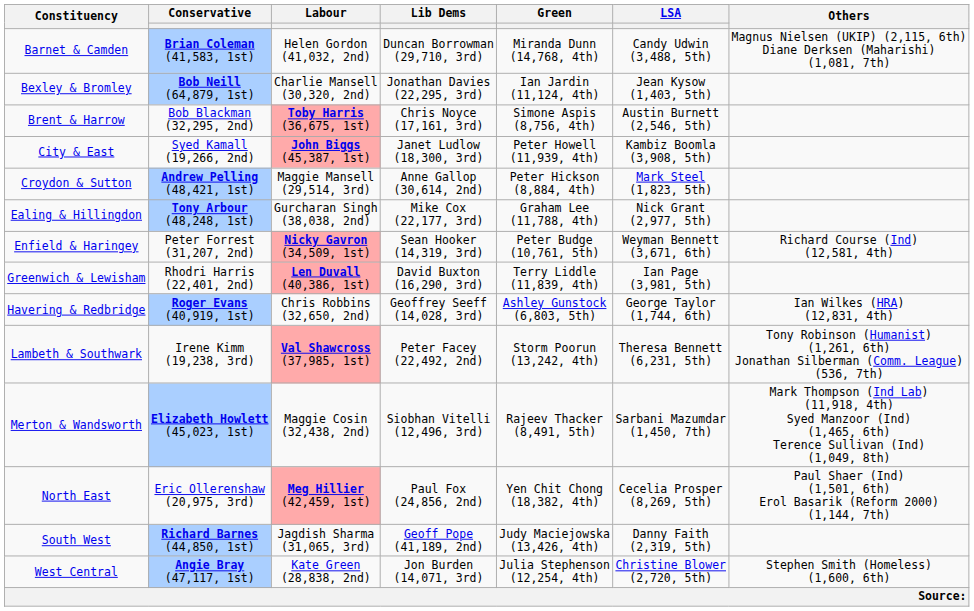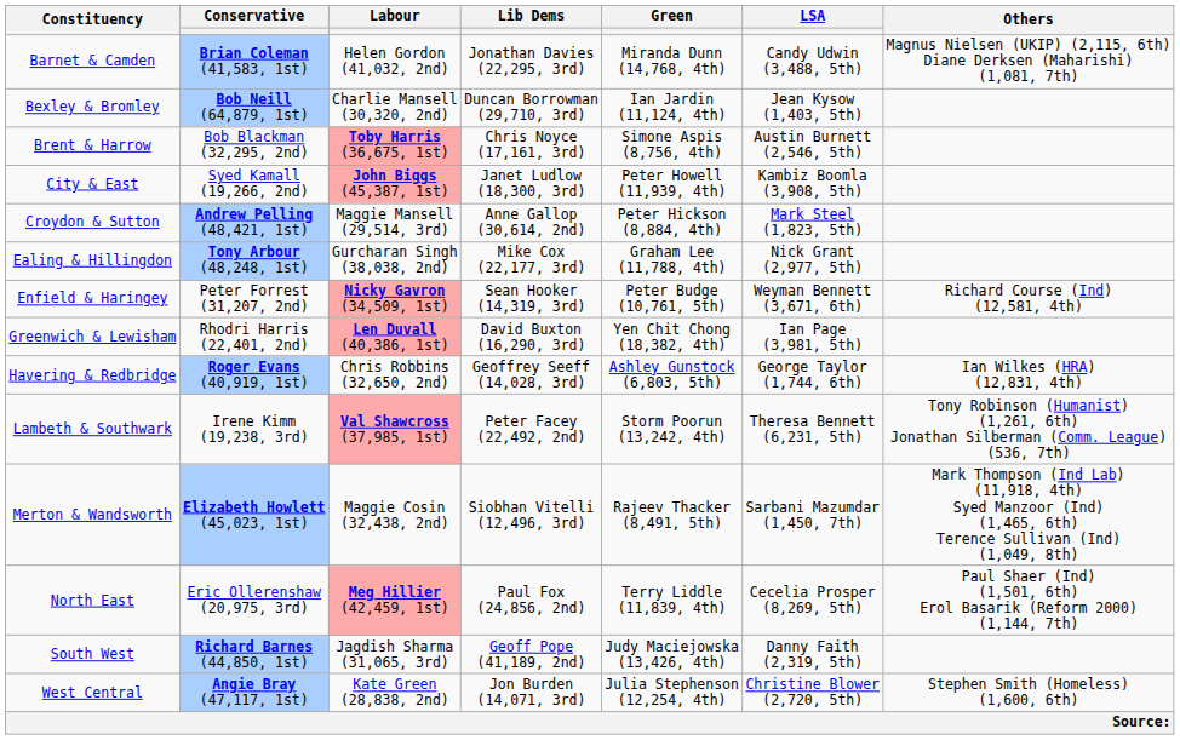 <table class="wikitable" style="text-align: center; line-height: 14px; font-size: 95%;">
 <tr>
 <th rowspan="2">Constituency</th>
 <th>Conservative</th>
 <th>Labour</th>
 <th>Lib Dems</th>
 <th>Green</th>
 <th><a href='#'>LSA</a></th>
 <th rowspan="2">Others</th>
 </tr>
 <tr>
 <th style="background:"></th>
 <th style="background:"></th>
 <th style="background:"></th>
 <th style="background:"></th>
 <th style="background:"></th>
 </tr>
 <tr>
 <td><a href='#'>Barnet & Camden</a></td>
 <td style="background:#aacfff"><strong><a href='#'>Brian Coleman</a></strong> <br>(41,583, 1st)</td>
 <td>Helen Gordon <br>(41,032, 2nd)</td>
-<td>Duncan Borrowman<br>(29,710, 3rd)</td>
+<td>Jonathan Davies<br>(22,295, 3rd)</td>
 <td>Miranda Dunn<br>(14,768, 4th)</td>
 <td>Candy Udwin<br>(3,488, 5th)</td>
 <td>Magnus Nielsen (UKIP) (2,115, 6th)<br> Diane Derksen (Maharishi)<br>(1,081, 7th)</td>
 </tr>
 <tr>
 <td><a href='#'>Bexley & Bromley</a></td>
 <td style="background:#aacfff"><strong><a href='#'>Bob Neill</a></strong> <br>(64,879, 1st)</td>
 <td>Charlie Mansell<br>(30,320, 2nd)</td>
-<td>Jonathan Davies<br>(22,295, 3rd)</td>
+<td>Duncan Borrowman<br>(29,710, 3rd)</td>
 <td>Ian Jardin<br>(11,124, 4th)</td>
 <td>Jean Kysow<br>(1,403, 5th)</td>
 <td></td>
 </tr>
 <tr>
 <td><a href='#'>Brent & Harrow</a></td>
 <td><a href='#'>Bob Blackman</a><br>(32,295, 2nd)</td>
 <td style="background:#ffaaaa"><strong><a href='#'>Toby Harris</a></strong><br>(36,675, 1st)</td>
 <td>Chris Noyce<br>(17,161, 3rd)</td>
 <td>Simone Aspis<br>(8,756, 4th)</td>
 <td>Austin Burnett<br>(2,546, 5th)</td>
 <td></td>
 </tr>
 <tr>
 <td><a href='#'>City & East</a></td>
 <td><a href='#'>Syed Kamall</a><br>(19,266, 2nd)</td>
 <td style="background:#ffaaaa"><strong><a href='#'>John Biggs</a></strong><br>(45,387, 1st)</td>
 <td>Janet Ludlow<br>(18,300, 3rd)</td>
 <td>Peter Howell<br>(11,939, 4th)</td>
 <td>Kambiz Boomla<br>(3,908, 5th)</td>
 <td></td>
 </tr>
 <tr>
 <td><a href='#'>Croydon & Sutton</a></td>
 <td style="background:#aacfff"><strong><a href='#'>Andrew Pelling</a></strong><br>(48,421, 1st)</td>
 <td>Maggie Mansell<br>(29,514, 3rd)</td>
 <td>Anne Gallop<br>(30,614, 2nd)</td>
 <td>Peter Hickson<br>(8,884, 4th)</td>
 <td><a href='#'>Mark Steel</a><br>(1,823, 5th)</td>
 <td></td>
 </tr>
 <tr>
 <td><a href='#'>Ealing & Hillingdon</a></td>
 <td style="background:#aacfff"><strong><a href='#'>Tony Arbour</a></strong><br>(48,248, 1st)</td>
 <td>Gurcharan Singh<br>(38,038, 2nd)</td>
 <td>Mike Cox<br>(22,177, 3rd)</td>
 <td>Graham Lee <br>(11,788, 4th)</td>
 <td>Nick Grant<br>(2,977, 5th)</td>
 <td></td>
 </tr>
 <tr>
 <td><a href='#'>Enfield & Haringey</a></td>
 <td>Peter Forrest<br>(31,207, 2nd)</td>
 <td style="background:#ffaaaa"><strong><a href='#'>Nicky Gavron</a></strong><br>(34,509, 1st)</td>
 <td>Sean Hooker<br>(14,319, 3rd)</td>
 <td>Peter Budge<br>(10,761, 5th)</td>
 <td>Weyman Bennett<br>(3,671, 6th)</td>
 <td>Richard Course (<a href='#'>Ind</a>)<br>(12,581, 4th)</td>
 </tr>
 <tr>
 <td><a href='#'>Greenwich & Lewisham</a></td>
 <td>Rhodri Harris<br>(22,401, 2nd)</td>
 <td style="background:#ffaaaa"><strong><a href='#'>Len Duvall</a></strong><br>(40,386, 1st)</td>
 <td>David Buxton<br>(16,290, 3rd)</td>
-<td>Terry Liddle<br>(11,839, 4th)</td>
+<td>Yen Chit Chong<br>(18,382, 4th)</td>
 <td>Ian Page<br>(3,981, 5th)</td>
 <td></td>
 </tr>
 <tr>
 <td><a href='#'>Havering & Redbridge</a></td>
 <td style="background:#aacfff"><strong><a href='#'>Roger Evans</a></strong><br>(40,919, 1st)</td>
 <td>Chris Robbins<br>(32,650, 2nd)</td>
 <td>Geoffrey Seeff<br>(14,028, 3rd)</td>
 <td><a href='#'>Ashley Gunstock</a><br>(6,803, 5th)</td>
 <td>George Taylor<br>(1,744, 6th)</td>
 <td>Ian Wilkes (<a href='#'>HRA</a>)<br>(12,831, 4th)</td>
 </tr>
 <tr>
 <td><a href='#'>Lambeth & Southwark</a></td>
 <td>Irene Kimm <br>(19,238, 3rd)</td>
 <td style="background:#ffaaaa"><strong><a href='#'>Val Shawcross</a></strong><br>(37,985, 1st)</td>
 <td>Peter Facey<br>(22,492, 2nd)</td>
 <td>Storm Poorun<br>(13,242, 4th)</td>
 <td>Theresa Bennett<br>(6,231, 5th)</td>
 <td>Tony Robinson (<a href='#'>Humanist</a>)<br>(1,261, 6th)<br>Jonathan Silberman (<a href='#'>Comm. League</a>)<br>(536, 7th)</td>
 </tr>
 <tr>
 <td><a href='#'>Merton & Wandsworth</a></td>
 <td style="background:#aacfff"><strong><a href='#'>Elizabeth Howlett</a></strong><br>(45,023, 1st)</td>
 <td>Maggie Cosin<br>(32,438, 2nd)</td>
 <td>Siobhan Vitelli <br>(12,496, 3rd)</td>
 <td>Rajeev Thacker<br>(8,491, 5th)</td>
 <td>Sarbani Mazumdar<br>(1,450, 7th)</td>
 <td>Mark Thompson (<a href='#'>Ind Lab</a>)<br>(11,918, 4th)<br>Syed Manzoor (Ind)<br>(1,465, 6th)<br>Terence Sullivan (Ind)<br> (1,049, 8th)</td>
 </tr>
 <tr>
 <td><a href='#'>North East</a></td>
 <td><a href='#'>Eric Ollerenshaw</a><br>(20,975, 3rd)</td>
 <td style="background:#ffaaaa"><strong><a href='#'>Meg Hillier</a></strong><br>(42,459, 1st)</td>
 <td>Paul Fox<br>(24,856, 2nd)</td>
-<td>Yen Chit Chong<br>(18,382, 4th)</td>
+<td>Terry Liddle<br>(11,839, 4th)</td>
 <td>Cecelia Prosper <br>(8,269, 5th)</td>
 <td>Paul Shaer (Ind)<br>(1,501, 6th)<br>Erol Basarik  (Reform 2000)<br>(1,144, 7th)</td>
 </tr>
 <tr>
 <td><a href='#'>South West</a></td>
 <td style="background:#aacfff"><strong><a href='#'>Richard Barnes</a></strong><br>(44,850, 1st)</td>
 <td>Jagdish Sharma<br>(31,065, 3rd)</td>
 <td><a href='#'>Geoff Pope</a><br>(41,189, 2nd)</td>
 <td>Judy Maciejowska<br>(13,426, 4th)</td>
 <td>Danny Faith<br>(2,319, 5th)</td>
 <td></td>
 </tr>
 <tr>
 <td><a href='#'>West Central</a></td>
 <td style="background:#aacfff"><strong><a href='#'>Angie Bray</a></strong><br>(47,117, 1st)</td>
 <td><a href='#'>Kate Green</a><br>(28,838, 2nd)</td>
 <td>Jon Burden<br>(14,071, 3rd)</td>
 <td>Julia Stephenson<br>(12,254, 4th)</td>
 <td><a href='#'>Christine Blower</a><br>(2,720, 5th)</td>
 <td>Stephen Smith (Homeless)<br>(1,600, 6th)</td>
 </tr>
 <tr>
 <th colspan="8" style="text-align: right;">Source: </th>
 </tr>
 </table>
